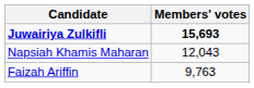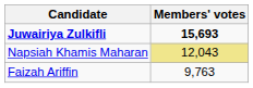 <table class="wikitable" style="text-align:center">
 <tr>
 <th>Candidate</th>
 <th>Members' votes</th>
 </tr>
 <tr>
 <td align=left><strong><a href='#'>Juwairiya  Zulkifli</a></strong></td>
 <td><strong>15,693</strong></td>
 </tr>
 <tr>
 <td align=left><a href='#'>Napsiah Khamis Maharan</a></td>
-<td>12,043</td>
+<td style="background: khaki;">12,043</td>
 </tr>
 <tr>
 <td align=left><a href='#'>Faizah Ariffin</a></td>
 <td>9,763</td>
 </tr>
 </table>
